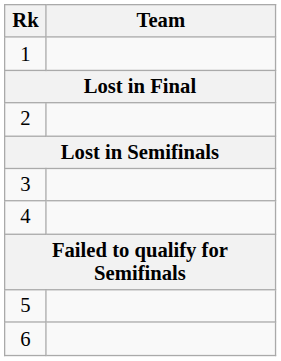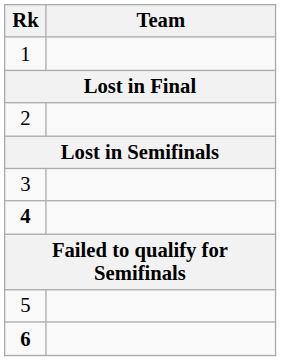 <table class=wikitable style=text-align:center>
 <tr>
 <th width=25>Rk</th>
 <th width=170>Team</th>
 </tr>
 <tr>
 <td>1</td>
 <td align=left></td>
 </tr>
 <tr>
 <th colspan="6">Lost in Final</th>
 </tr>
 <tr>
 <td>2</td>
 <td align=left></td>
 </tr>
 <tr>
 <th colspan="6">Lost in Semifinals</th>
 </tr>
 <tr>
 <td>3</td>
 <td align=left></td>
 </tr>
 <tr>
-<td>4</td>
+<td><strong>4</strong></td>
 <td align=left></td>
 </tr>
 <tr>
 <th colspan="6">Failed to qualify for Semifinals</th>
 </tr>
 <tr>
 <td>5</td>
 <td align=left></td>
 </tr>
 <tr>
-<td>6</td>
+<td><strong>6</strong></td>
 <td align=left></td>
 </tr>
 </table>
